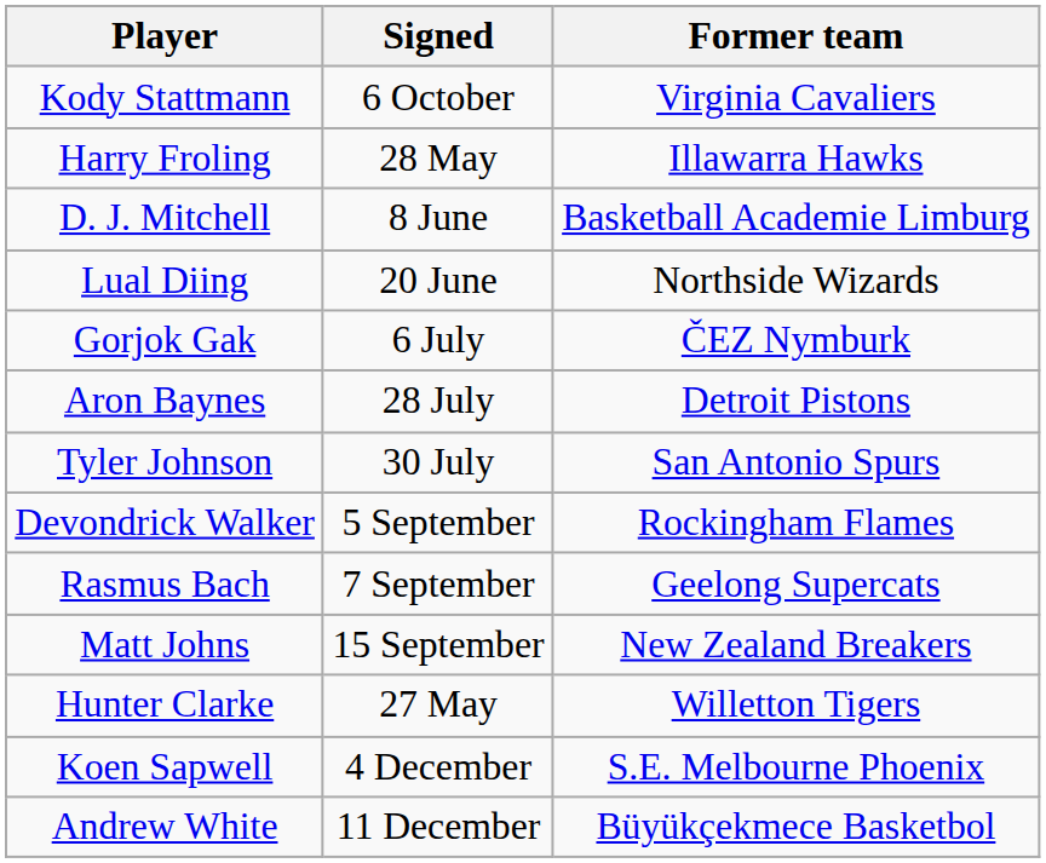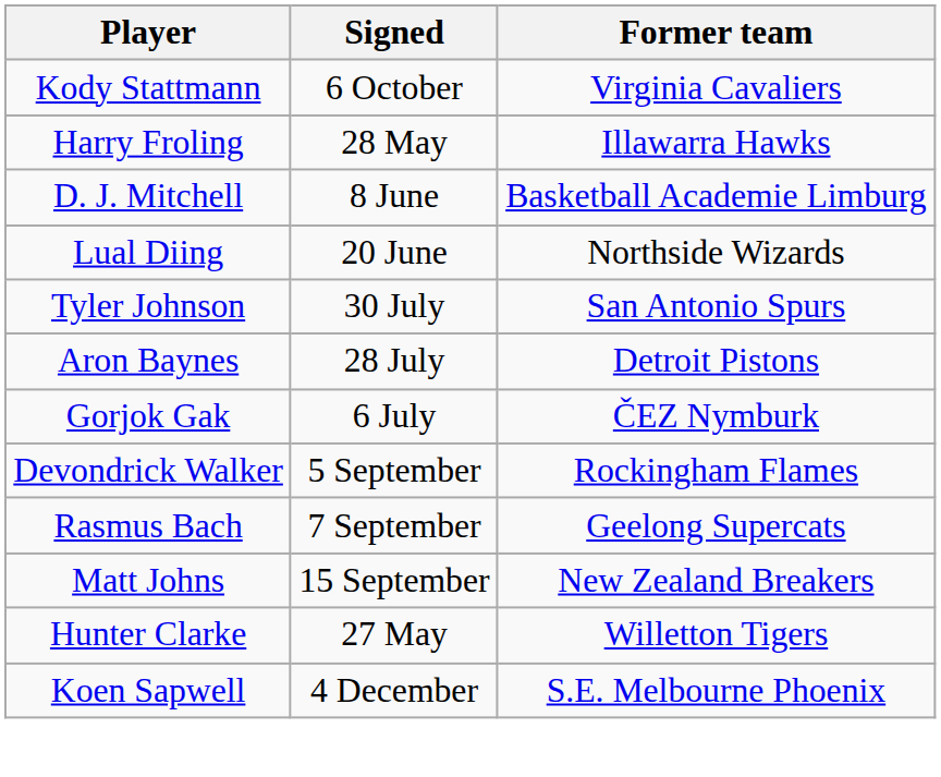 <table class="wikitable sortable sortable" style="text-align: center">
 <tr>
 <th>Player</th>
 <th>Signed</th>
 <th>Former team</th>
 </tr>
 <tr>
 <td><a href='#'>Kody Stattmann</a></td>
 <td>6 October</td>
 <td><a href='#'>Virginia Cavaliers</a></td>
 </tr>
 <tr>
 <td><a href='#'>Harry Froling</a></td>
 <td>28 May</td>
 <td><a href='#'>Illawarra Hawks</a></td>
 </tr>
 <tr>
 <td><a href='#'>D. J. Mitchell</a></td>
 <td>8 June</td>
 <td><a href='#'>Basketball Academie Limburg</a></td>
 </tr>
 <tr>
 <td><a href='#'>Lual Diing</a></td>
 <td>20 June</td>
 <td>Northside Wizards</td>
 </tr>
 <tr>
-<td><a href='#'>Gorjok Gak</a></td>
-<td>6 July</td>
-<td><a href='#'>ČEZ Nymburk</a></td>
+<td><a href='#'>Tyler Johnson</a></td>
+<td>30 July</td>
+<td><a href='#'>San Antonio Spurs</a></td>
 </tr>
 <tr>
 <td><a href='#'>Aron Baynes</a></td>
 <td>28 July</td>
 <td><a href='#'>Detroit Pistons</a></td>
 </tr>
 <tr>
-<td><a href='#'>Tyler Johnson</a></td>
-<td>30 July</td>
-<td><a href='#'>San Antonio Spurs</a></td>
+<td><a href='#'>Gorjok Gak</a></td>
+<td>6 July</td>
+<td><a href='#'>ČEZ Nymburk</a></td>
 </tr>
 <tr>
 <td><a href='#'>Devondrick Walker</a></td>
 <td>5 September</td>
 <td><a href='#'>Rockingham Flames</a></td>
 </tr>
 <tr>
 <td><a href='#'>Rasmus Bach</a></td>
 <td>7 September</td>
 <td><a href='#'>Geelong Supercats</a></td>
 </tr>
 <tr>
 <td><a href='#'>Matt Johns</a></td>
 <td>15 September</td>
 <td><a href='#'>New Zealand Breakers</a></td>
 </tr>
 <tr>
 <td><a href='#'>Hunter Clarke</a></td>
 <td>27 May</td>
 <td><a href='#'>Willetton Tigers</a></td>
 </tr>
 <tr>
 <td><a href='#'>Koen Sapwell</a></td>
 <td>4 December</td>
 <td><a href='#'>S.E. Melbourne Phoenix</a></td>
 </tr>
-<tr>
-<td><a href='#'>Andrew White</a></td>
-<td>11 December</td>
-<td><a href='#'>Büyükçekmece Basketbol</a></td>
-</tr>
 </table>
